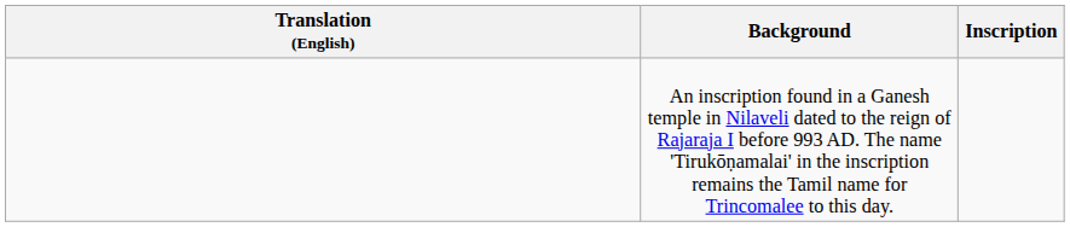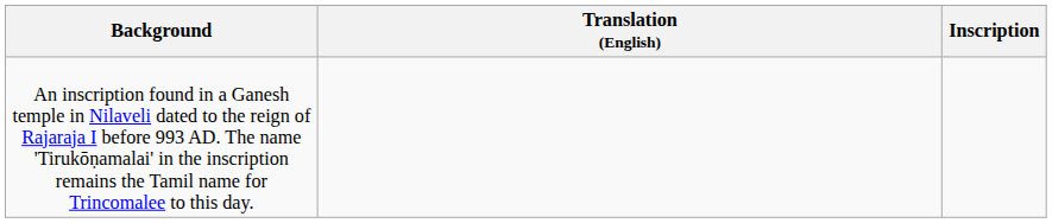 <table class="wikitable centre">
 <tr>
+<th scope="col" align=left>Background<br></th>
 <th>Translation<br><small>(English)</small></th>
-<th scope="col" align=left>Background<br></th>
 <th>Inscription<br></th>
 </tr>
 <tr>
+<td align=center width="30%"><br>An inscription found in a Ganesh temple in <a href='#'>Nilaveli</a> dated to the reign of <a href='#'>Rajaraja I</a> before 993 AD. The name 'Tirukōṇamalai' in the inscription remains the Tamil name for <a href='#'>Trincomalee</a> to this day.</td>
 <td align=left><br></td>
-<td align=center width="30%"><br>An inscription found in a Ganesh temple in <a href='#'>Nilaveli</a> dated to the reign of <a href='#'>Rajaraja I</a> before 993 AD. The name 'Tirukōṇamalai' in the inscription remains the Tamil name for <a href='#'>Trincomalee</a> to this day.</td>
 <td align=center width="10%"><br></td>
 </tr>
 </table>
